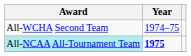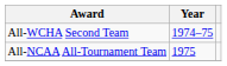 <table class="wikitable">
 <tr>
 <th>Award</th>
 <th>Year</th>
 <th></th>
 </tr>
 <tr>
 <td>All-<a href='#'>WCHA</a> <a href='#'>Second Team</a></td>
 <td><a href='#'>1974–75</a></td>
 <td></td>
 </tr>
 <tr>
-<td style="background: paleturquoise;">All-<a href='#'>NCAA</a> <a href='#'>All-Tournament Team</a></td>
-<td><strong><a href='#'>1975</a></strong></td>
+<td>All-<a href='#'>NCAA</a> <a href='#'>All-Tournament Team</a></td>
+<td><a href='#'>1975</a></td>
 <td></td>
 </tr>
 <tr>
 </tr>
 </table>
